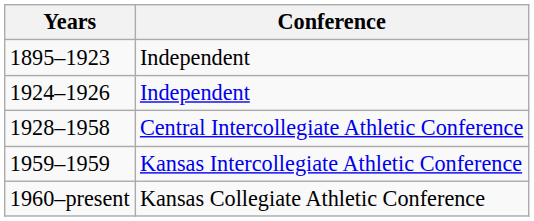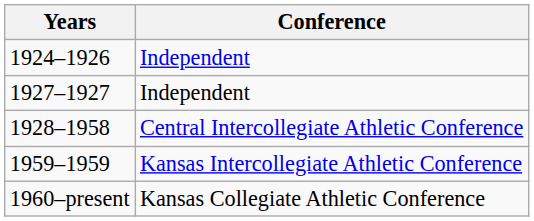 <table class="wikitable">
 <tr>
 <th>Years</th>
 <th>Conference</th>
 </tr>
 <tr>
-<td>1895–1923</td>
-<td>Independent</td>
+<td>1924–1926</td>
+<td><a href='#'>Independent</a></td>
 </tr>
 <tr>
-<td>1924–1926</td>
-<td><a href='#'>Independent</a></td>
+<td>1927–1927</td>
+<td>Independent</td>
 </tr>
 <tr>
 <td>1928–1958</td>
 <td><a href='#'>Central Intercollegiate Athletic Conference</a></td>
 </tr>
 <tr>
 <td>1959–1959</td>
 <td><a href='#'>Kansas Intercollegiate Athletic Conference</a></td>
 </tr>
 <tr>
 <td>1960–present</td>
 <td>Kansas Collegiate Athletic Conference</td>
 </tr>
 </table>
